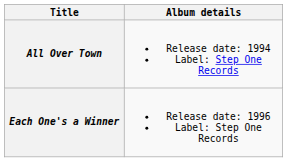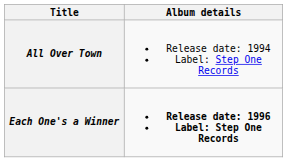 <table class="wikitable plainrowheaders" style="text-align:center;">
 <tr>
 <th style="width:12em;">Title</th>
 <th style="width:16em;">Album details</th>
 </tr>
 <tr>
 <th scope="row"><em>All Over Town</em></th>
 <td><br><ul><li>Release date: 1994</li><li>Label: <a href='#'>Step One Records</a></li></ul></td>
 </tr>
 <tr>
 <th scope="row"><em>Each One's a Winner</em></th>
-<td><br><ul><li>Release date: 1996</li><li>Label: Step One Records</li></ul></td>
+<td><strong><br><ul><li>Release date: 1996</li><li>Label: Step One Records</li></ul></strong></td>
 </tr>
 </table>
